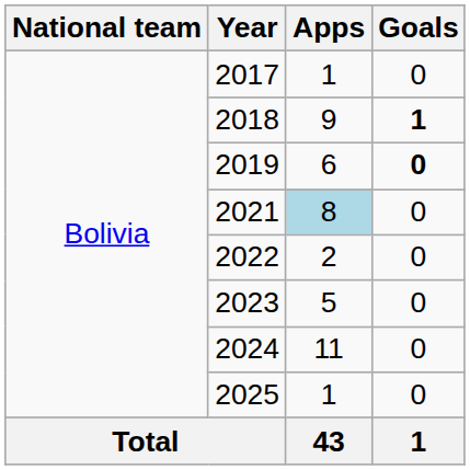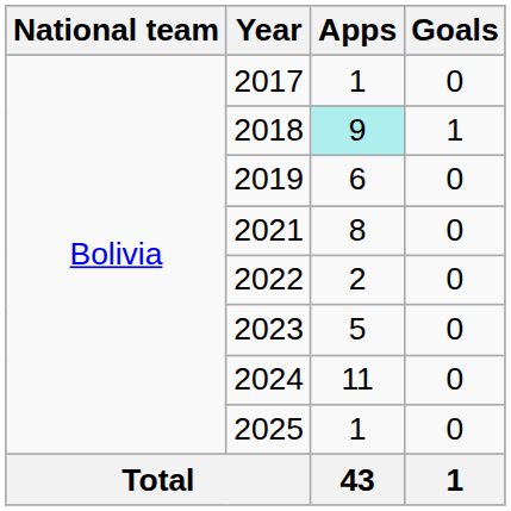 <table class="wikitable" style="text-align:center">
 <tr>
 <th>National team</th>
 <th>Year</th>
 <th>Apps</th>
 <th>Goals</th>
 </tr>
 <tr>
 <td rowspan="8"><a href='#'>Bolivia</a></td>
 <td>2017</td>
 <td>1</td>
 <td>0</td>
 </tr>
 <tr>
 <td>2018</td>
-<td>9</td>
-<td><strong>1</strong></td>
+<td style="background: paleturquoise;">9</td>
+<td>1</td>
 </tr>
 <tr>
 <td>2019</td>
 <td>6</td>
-<td><strong>0</strong></td>
+<td>0</td>
 </tr>
 <tr>
 <td>2021</td>
-<td style="background: lightblue;">8</td>
+<td>8</td>
 <td>0</td>
 </tr>
 <tr>
 <td>2022</td>
 <td>2</td>
 <td>0</td>
 </tr>
 <tr>
 <td>2023</td>
 <td>5</td>
 <td>0</td>
 </tr>
 <tr>
 <td>2024</td>
 <td>11</td>
 <td>0</td>
 </tr>
 <tr>
 <td>2025</td>
 <td>1</td>
 <td>0</td>
 </tr>
 <tr>
 <th colspan="2">Total</th>
 <th>43</th>
 <th>1</th>
 </tr>
 </table>
